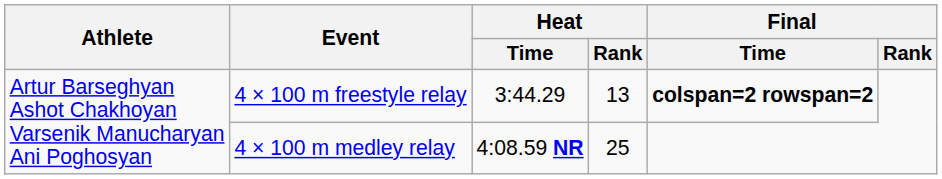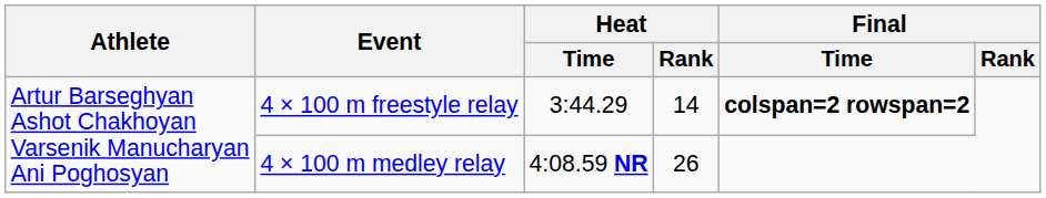 <table class="wikitable" style="text-align:center; font-size:90%">
 <tr>
 <th rowspan="2">Athlete</th>
 <th rowspan="2">Event</th>
 <th colspan="2">Heat</th>
 <th colspan="2">Final</th>
 </tr>
 <tr style="font-size:95%">
 <th>Time</th>
 <th>Rank</th>
 <th>Time</th>
 <th>Rank</th>
 </tr>
 <tr>
 <td align=left rowspan=2><a href='#'>Artur Barseghyan</a><br><a href='#'>Ashot Chakhoyan</a><br><a href='#'>Varsenik Manucharyan</a><br><a href='#'>Ani Poghosyan</a></td>
 <td align=left><a href='#'>4 × 100 m freestyle relay</a></td>
 <td>3:44.29</td>
-<td>13</td>
+<td>14</td>
 <td><strong>colspan=2 rowspan=2 </strong></td>
 </tr>
 <tr>
 <td align=left><a href='#'>4 × 100 m medley relay</a></td>
 <td>4:08.59 <strong><a href='#'>NR</a></strong></td>
-<td>25</td>
+<td>26</td>
 </tr>
 </table>
